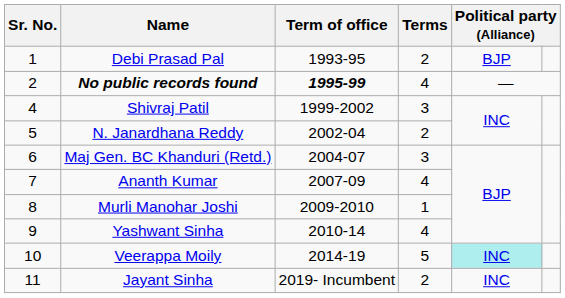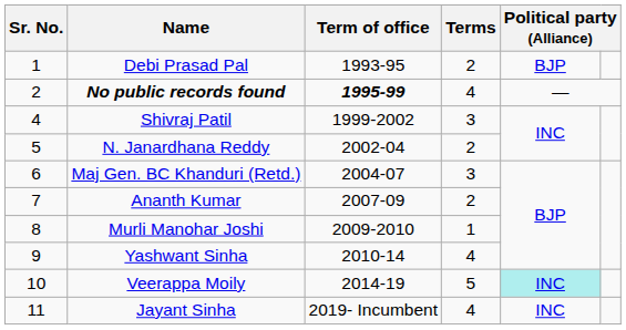 <table class="wikitable sortable">
 <tr>
 <th>Sr. No.</th>
 <th>Name</th>
 <th>Term of office</th>
 <th>Terms</th>
 <th colspan="2">Political party<br><small>(Alliance)</small></th>
 </tr>
 <tr align="center">
 <td>1</td>
 <td><a href='#'>Debi Prasad Pal</a></td>
 <td>1993-95</td>
 <td>2</td>
 <td><a href='#'>BJP</a></td>
 <td></td>
 </tr>
 <tr align="center">
 <td>2</td>
 <td><strong><em>No public records found</em></strong></td>
 <td><strong><em>1995-99</em></strong></td>
 <td>4</td>
 <td colspan="2">—</td>
 </tr>
 <tr align="center">
 <td>4</td>
 <td><a href='#'>Shivraj Patil</a></td>
 <td>1999-2002</td>
 <td>3</td>
 <td rowspan="2"><a href='#'>INC</a></td>
 <td rowspan="2"></td>
 </tr>
 <tr align="center">
 <td>5</td>
 <td><a href='#'>N. Janardhana Reddy</a></td>
 <td>2002-04</td>
 <td>2</td>
 </tr>
 <tr align="center">
 <td>6</td>
 <td><a href='#'>Maj Gen. BC Khanduri (Retd.)</a></td>
 <td>2004-07</td>
 <td>3</td>
 <td rowspan="4"><a href='#'>BJP</a></td>
 <td rowspan="4"></td>
 </tr>
 <tr align="center">
 <td>7</td>
 <td><a href='#'>Ananth Kumar</a></td>
 <td>2007-09</td>
-<td>4</td>
+<td>2</td>
 </tr>
 <tr align="center">
 <td>8</td>
 <td><a href='#'>Murli Manohar Joshi</a></td>
 <td>2009-2010</td>
 <td>1</td>
 </tr>
 <tr align="center">
 <td>9</td>
 <td><a href='#'>Yashwant Sinha</a></td>
 <td>2010-14</td>
 <td>4</td>
 </tr>
 <tr align="center">
 <td>10</td>
 <td><a href='#'>Veerappa Moily</a></td>
 <td>2014-19</td>
 <td>5</td>
 <td style="background: paleturquoise;"><a href='#'>INC</a></td>
 <td></td>
 </tr>
 <tr align="center">
 <td>11</td>
 <td><a href='#'>Jayant Sinha</a></td>
 <td>2019- Incumbent</td>
-<td>2</td>
+<td>4</td>
 <td><a href='#'>INC</a></td>
 <td></td>
 </tr>
 </table>
